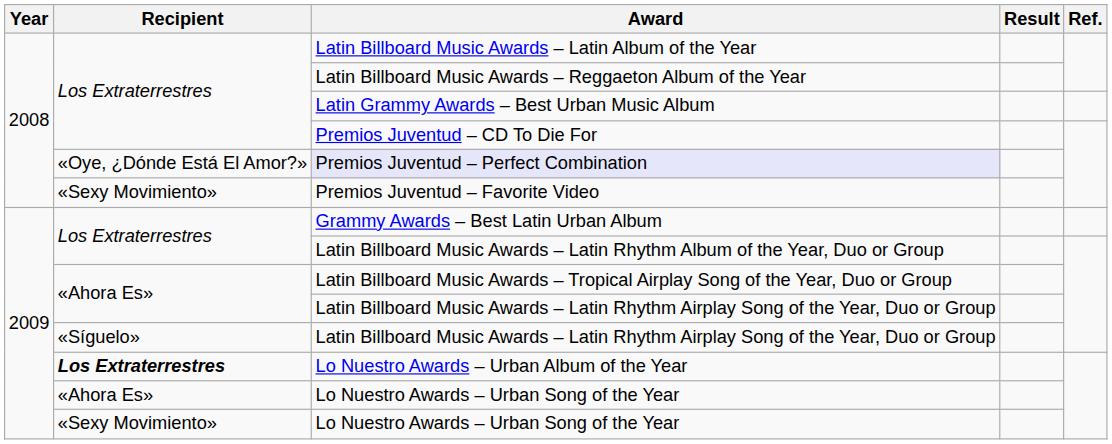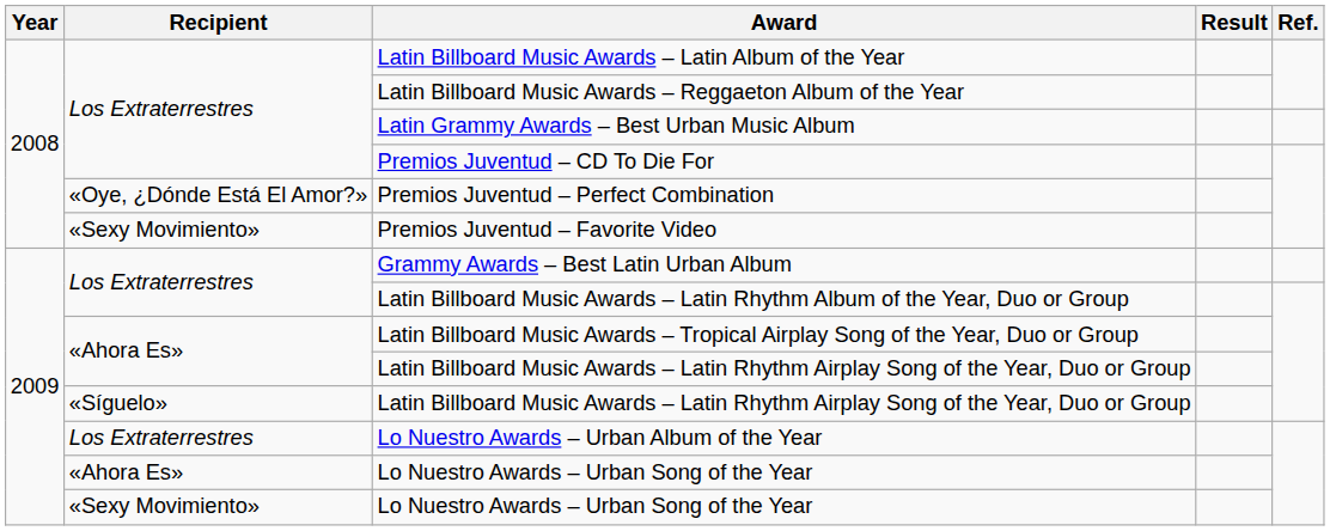 <table class="wikitable">
 <tr>
 <th align="center">Year</th>
 <th align="center">Recipient</th>
 <th align="center">Award</th>
 <th align="center">Result</th>
 <th align="center">Ref.</th>
 </tr>
 <tr>
 <td rowspan="6">2008</td>
 <td rowspan="4"><em>Los Extraterrestres</em></td>
 <td><a href='#'>Latin Billboard Music Awards</a> – Latin Album of the Year</td>
 <td></td>
 <td align="center" rowspan="2"></td>
 </tr>
 <tr>
 <td>Latin Billboard Music Awards – Reggaeton Album of the Year</td>
 <td></td>
 </tr>
 <tr>
 <td><a href='#'>Latin Grammy Awards</a> – Best Urban Music Album</td>
 <td></td>
 <td align="center"></td>
 </tr>
 <tr>
 <td><a href='#'>Premios Juventud</a> – CD To Die For</td>
 <td></td>
 <td align="center" rowspan="3"></td>
 </tr>
 <tr>
 <td>«Oye, ¿Dónde Está El Amor?»</td>
-<td style="background: lavender;">Premios Juventud – Perfect Combination</td>
+<td>Premios Juventud – Perfect Combination</td>
 <td></td>
 </tr>
 <tr>
 <td>«Sexy Movimiento»</td>
 <td>Premios Juventud – Favorite Video</td>
 <td></td>
 </tr>
 <tr>
 <td rowspan="8">2009</td>
 <td rowspan="2"><em>Los Extraterrestres</em></td>
 <td><a href='#'>Grammy Awards</a> – Best Latin Urban Album</td>
 <td></td>
 <td align="center"></td>
 </tr>
 <tr>
 <td>Latin Billboard Music Awards – Latin Rhythm Album of the Year, Duo or Group</td>
 <td></td>
 <td align="center" rowspan="4"></td>
 </tr>
 <tr>
 <td rowspan="2">«Ahora Es»</td>
 <td>Latin Billboard Music Awards – Tropical Airplay Song of the Year, Duo or Group</td>
 <td></td>
 </tr>
 <tr>
 <td>Latin Billboard Music Awards – Latin Rhythm Airplay Song of the Year, Duo or Group</td>
 <td></td>
 </tr>
 <tr>
 <td>«Síguelo»</td>
 <td>Latin Billboard Music Awards – Latin Rhythm Airplay Song of the Year, Duo or Group</td>
 <td></td>
 </tr>
 <tr>
-<td><strong><em>Los Extraterrestres</em></strong></td>
+<td><em>Los Extraterrestres</em></td>
 <td><a href='#'>Lo Nuestro Awards</a> – Urban Album of the Year</td>
 <td></td>
 <td align="center" rowspan="3"></td>
 </tr>
 <tr>
 <td>«Ahora Es»</td>
 <td>Lo Nuestro Awards – Urban Song of the Year</td>
 <td></td>
 </tr>
 <tr>
 <td>«Sexy Movimiento»</td>
 <td>Lo Nuestro Awards – Urban Song of the Year</td>
 <td></td>
 </tr>
 </table>
